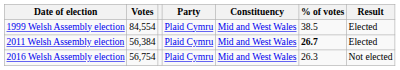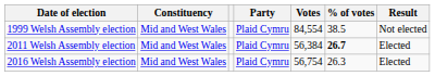 <table class="wikitable">
 <tr>
 <th>Date of election</th>
-<th>Votes</th>
+<th>Constituency</th>
 <th></th>
 <th>Party</th>
-<th>Constituency</th>
+<th>Votes</th>
 <th>% of votes</th>
 <th>Result</th>
 </tr>
 <tr>
 <td><a href='#'>1999 Welsh Assembly election</a></td>
-<td>84,554</td>
+<td><a href='#'>Mid and West Wales</a></td>
 <td style="background:"></td>
 <td><a href='#'>Plaid Cymru</a></td>
-<td><a href='#'>Mid and West Wales</a></td>
+<td>84,554</td>
 <td>38.5</td>
-<td>Elected</td>
+<td>Not elected</td>
 </tr>
 <tr>
 <td><a href='#'>2011 Welsh Assembly election</a></td>
-<td>56,384</td>
+<td><a href='#'>Mid and West Wales</a></td>
 <td style="background:"></td>
 <td><a href='#'>Plaid Cymru</a></td>
-<td><a href='#'>Mid and West Wales</a></td>
+<td>56,384</td>
 <td><strong>26.7</strong></td>
 <td>Elected</td>
 </tr>
 <tr>
 <td><a href='#'>2016 Welsh Assembly election</a></td>
-<td>56,754</td>
+<td><a href='#'>Mid and West Wales</a></td>
 <td style="background:"></td>
 <td><a href='#'>Plaid Cymru</a></td>
-<td><a href='#'>Mid and West Wales</a></td>
+<td>56,754</td>
 <td>26.3</td>
-<td>Not elected</td>
+<td>Elected</td>
 </tr>
 </table>
